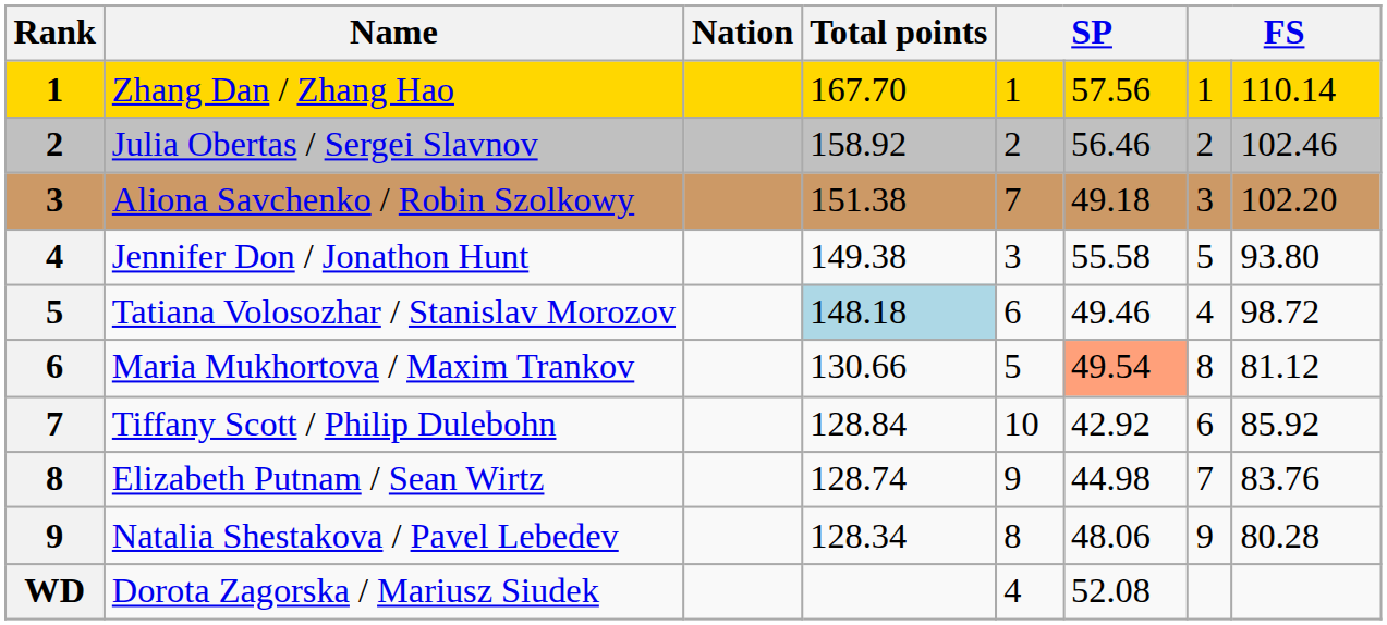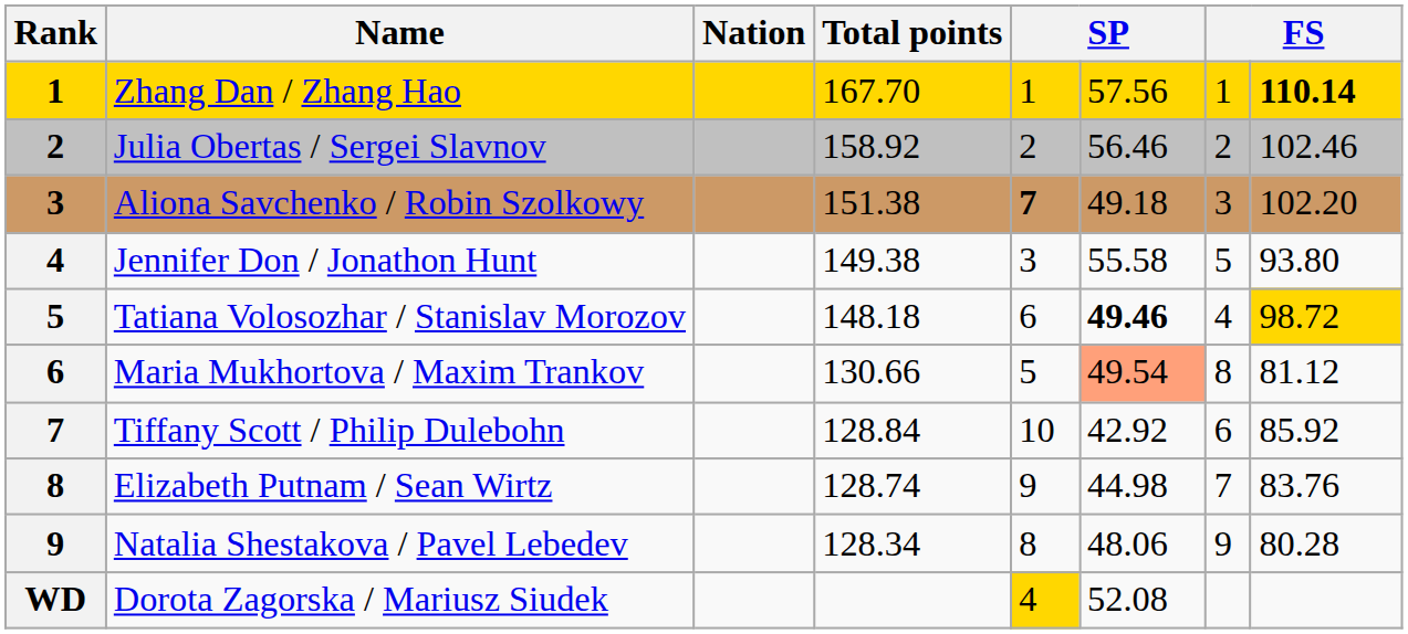 <table class="wikitable">
 <tr>
 <th>Rank</th>
 <th>Name</th>
 <th>Nation</th>
 <th>Total points</th>
 <th colspan="2" width="80px"><a href='#'>SP</a></th>
 <th colspan="2" width="80px"><a href='#'>FS</a></th>
 </tr>
 <tr bgcolor="gold">
 <td align="center"><strong>1</strong></td>
 <td><a href='#'>Zhang Dan</a> / <a href='#'>Zhang Hao</a></td>
 <td></td>
 <td>167.70</td>
 <td>1</td>
 <td>57.56</td>
 <td>1</td>
-<td>110.14</td>
+<td><strong>110.14</strong></td>
 </tr>
 <tr bgcolor="silver">
 <td align="center"><strong>2</strong></td>
 <td><a href='#'>Julia Obertas</a> / <a href='#'>Sergei Slavnov</a></td>
 <td></td>
 <td>158.92</td>
 <td>2</td>
 <td>56.46</td>
 <td>2</td>
 <td>102.46</td>
 </tr>
 <tr bgcolor="cc9966">
 <td align="center"><strong>3</strong></td>
 <td><a href='#'>Aliona Savchenko</a> / <a href='#'>Robin Szolkowy</a></td>
 <td></td>
 <td>151.38</td>
-<td>7</td>
+<td><strong>7</strong></td>
 <td>49.18</td>
 <td>3</td>
 <td>102.20</td>
 </tr>
 <tr>
 <th>4</th>
 <td><a href='#'>Jennifer Don</a> / <a href='#'>Jonathon Hunt</a></td>
 <td></td>
 <td>149.38</td>
 <td>3</td>
 <td>55.58</td>
 <td>5</td>
 <td>93.80</td>
 </tr>
 <tr>
 <th>5</th>
 <td><a href='#'>Tatiana Volosozhar</a> / <a href='#'>Stanislav Morozov</a></td>
 <td></td>
-<td style="background: lightblue;">148.18</td>
+<td>148.18</td>
 <td>6</td>
-<td>49.46</td>
+<td><strong>49.46</strong></td>
 <td>4</td>
-<td>98.72</td>
+<td style="background: gold;">98.72</td>
 </tr>
 <tr>
 <th>6</th>
 <td><a href='#'>Maria Mukhortova</a> / <a href='#'>Maxim Trankov</a></td>
 <td></td>
 <td>130.66</td>
 <td>5</td>
 <td style="background: lightsalmon;">49.54</td>
 <td>8</td>
 <td>81.12</td>
 </tr>
 <tr>
 <th>7</th>
 <td><a href='#'>Tiffany Scott</a> / <a href='#'>Philip Dulebohn</a></td>
 <td></td>
 <td>128.84</td>
 <td>10</td>
 <td>42.92</td>
 <td>6</td>
 <td>85.92</td>
 </tr>
 <tr>
 <th>8</th>
 <td><a href='#'>Elizabeth Putnam</a> / <a href='#'>Sean Wirtz</a></td>
 <td></td>
 <td>128.74</td>
 <td>9</td>
 <td>44.98</td>
 <td>7</td>
 <td>83.76</td>
 </tr>
 <tr>
 <th>9</th>
 <td><a href='#'>Natalia Shestakova</a> / <a href='#'>Pavel Lebedev</a></td>
 <td></td>
 <td>128.34</td>
 <td>8</td>
 <td>48.06</td>
 <td>9</td>
 <td>80.28</td>
 </tr>
 <tr>
 <th>WD</th>
 <td><a href='#'>Dorota Zagorska</a> / <a href='#'>Mariusz Siudek</a></td>
 <td></td>
 <td></td>
-<td>4</td>
+<td style="background: gold;">4</td>
 <td>52.08</td>
 <td></td>
 <td></td>
 </tr>
 </table>
